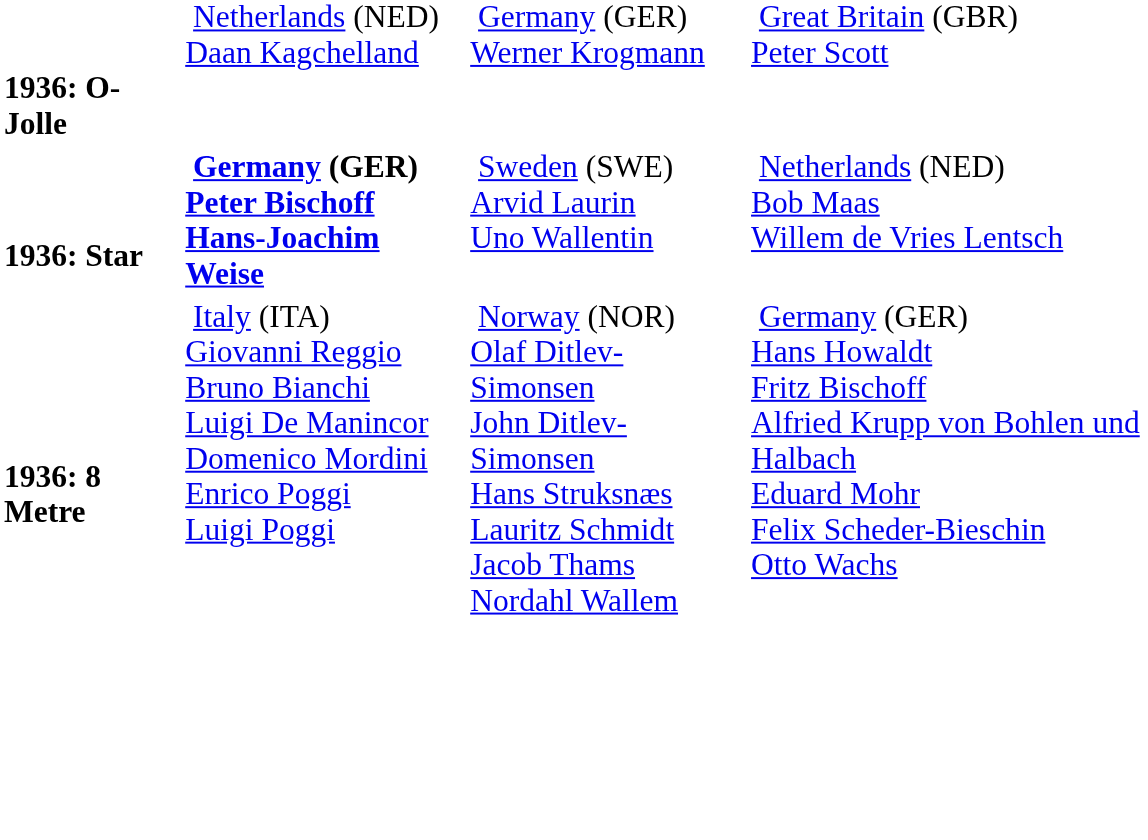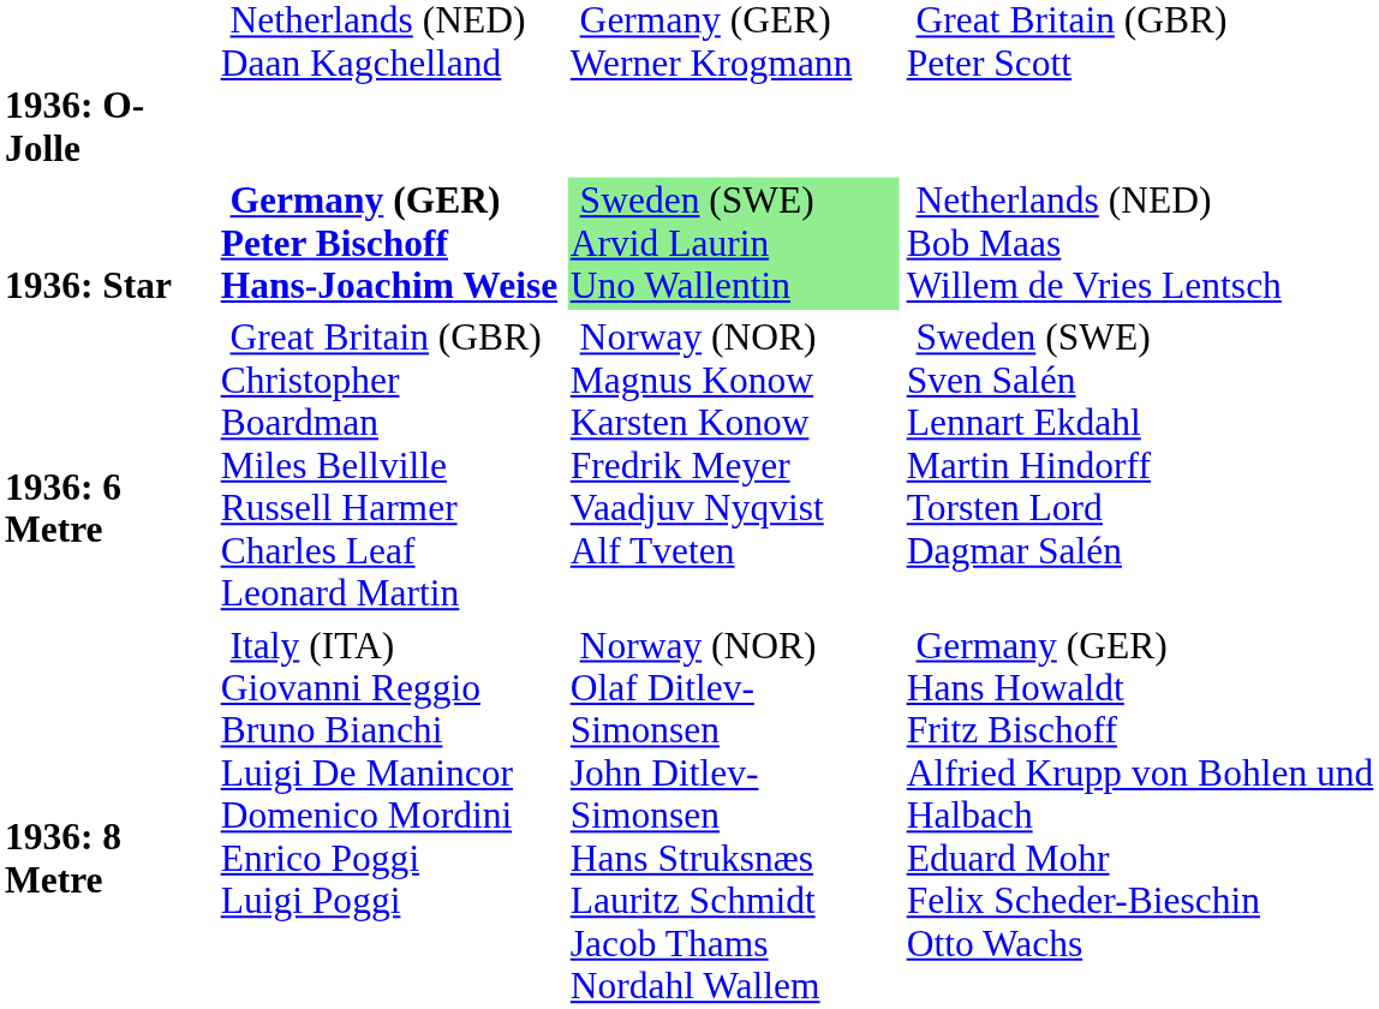 <table>
 <tr>
 <td style="align:center;"><br><br><strong>1936: O-Jolle</strong> <br></td>
 <td style="vertical-align:top;"> <a href='#'>Netherlands</a> <span>(NED)</span><br><a href='#'>Daan Kagchelland</a></td>
 <td style="vertical-align:top;"> <a href='#'>Germany</a> <span>(GER)</span><br><a href='#'>Werner Krogmann</a></td>
 <td style="vertical-align:top;"> <a href='#'>Great Britain</a> <span>(GBR)</span><br><a href='#'>Peter Scott</a></td>
 </tr>
 <tr>
 <td style="align:center;"><br><br><strong>1936: Star</strong> <br></td>
 <td style="vertical-align:top;"><strong> <a href='#'>Germany</a> <span>(GER)</span><br><a href='#'>Peter Bischoff</a><br><a href='#'>Hans-Joachim Weise</a></strong></td>
-<td style="vertical-align:top;"> <a href='#'>Sweden</a> <span>(SWE)</span><br><a href='#'>Arvid Laurin</a><br><a href='#'>Uno Wallentin</a></td>
+<td style="background: lightgreen; vertical-align:top;"> <a href='#'>Sweden</a> <span>(SWE)</span><br><a href='#'>Arvid Laurin</a><br><a href='#'>Uno Wallentin</a></td>
 <td style="vertical-align:top;"> <a href='#'>Netherlands</a> <span>(NED)</span><br><a href='#'>Bob Maas</a><br><a href='#'>Willem de Vries Lentsch</a></td>
+</tr>
+<tr>
+<td style="align:center;"><br><br><strong>1936: 6 Metre</strong> <br></td>
+<td style="vertical-align:top;"> <a href='#'>Great Britain</a> <span>(GBR)</span><br><a href='#'>Christopher Boardman</a><br><a href='#'>Miles Bellville</a><br><a href='#'>Russell Harmer</a><br><a href='#'>Charles Leaf</a><br><a href='#'>Leonard Martin</a></td>
+<td style="vertical-align:top;"> <a href='#'>Norway</a> <span>(NOR)</span><br><a href='#'>Magnus Konow</a><br><a href='#'>Karsten Konow</a><br><a href='#'>Fredrik Meyer</a><br><a href='#'>Vaadjuv Nyqvist</a><br><a href='#'>Alf Tveten</a></td>
+<td style="vertical-align:top;"> <a href='#'>Sweden</a> <span>(SWE)</span><br><a href='#'>Sven Salén</a><br><a href='#'>Lennart Ekdahl</a><br><a href='#'>Martin Hindorff</a><br><a href='#'>Torsten Lord</a><br><a href='#'>Dagmar Salén</a></td>
 </tr>
 <tr>
 <td style="align:center;"><br><br><strong>1936: 8 Metre</strong> <br></td>
 <td style="vertical-align:top;"> <a href='#'>Italy</a> <span>(ITA)</span><br><a href='#'>Giovanni Reggio</a><br><a href='#'>Bruno Bianchi</a><br><a href='#'>Luigi De Manincor</a><br><a href='#'>Domenico Mordini</a><br><a href='#'>Enrico Poggi</a><br><a href='#'>Luigi Poggi</a></td>
 <td style="vertical-align:top;"> <a href='#'>Norway</a> <span>(NOR)</span><br><a href='#'>Olaf Ditlev-Simonsen</a><br><a href='#'>John Ditlev-Simonsen</a><br><a href='#'>Hans Struksnæs</a><br><a href='#'>Lauritz Schmidt</a><br><a href='#'>Jacob Thams</a><br><a href='#'>Nordahl Wallem</a></td>
 <td style="vertical-align:top;"> <a href='#'>Germany</a> <span>(GER)</span><br><a href='#'>Hans Howaldt</a><br><a href='#'>Fritz Bischoff</a><br><a href='#'>Alfried Krupp von Bohlen und Halbach</a><br><a href='#'>Eduard Mohr</a><br><a href='#'>Felix Scheder-Bieschin</a><br><a href='#'>Otto Wachs</a></td>
 </tr>
 </table>
